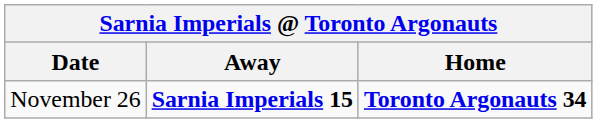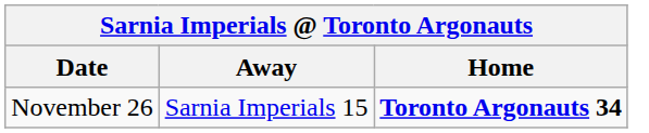 <table class="wikitable">
 <tr>
 <th colspan=4><a href='#'>Sarnia Imperials</a> @ <a href='#'>Toronto Argonauts</a></th>
 </tr>
 <tr>
 <th>Date</th>
 <th>Away</th>
 <th>Home</th>
 </tr>
 <tr>
 <td>November 26</td>
-<td><strong><a href='#'>Sarnia Imperials</a> 15</strong></td>
+<td><a href='#'>Sarnia Imperials</a> 15</td>
 <td><strong><a href='#'>Toronto Argonauts</a> 34</strong></td>
 </tr>
 </table>
